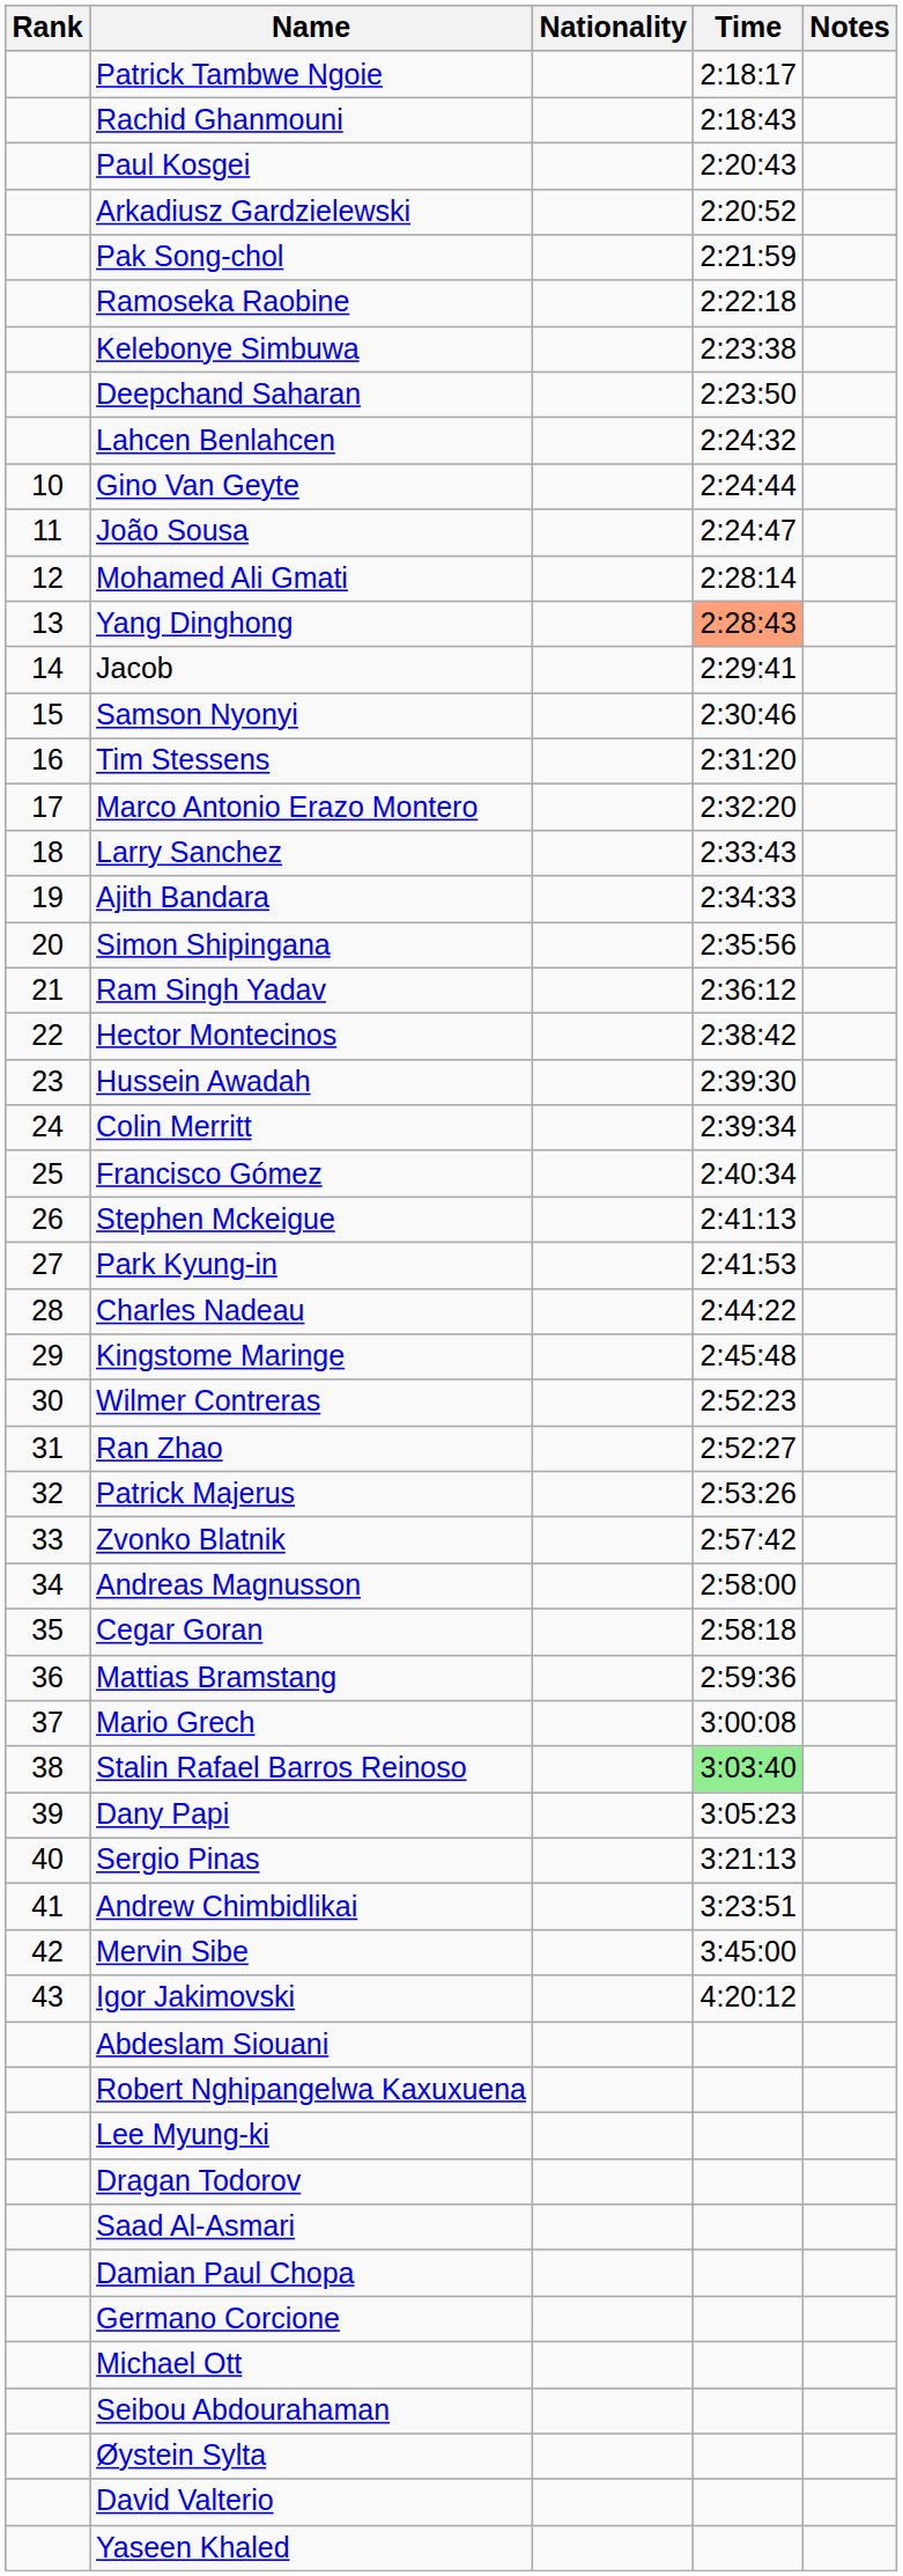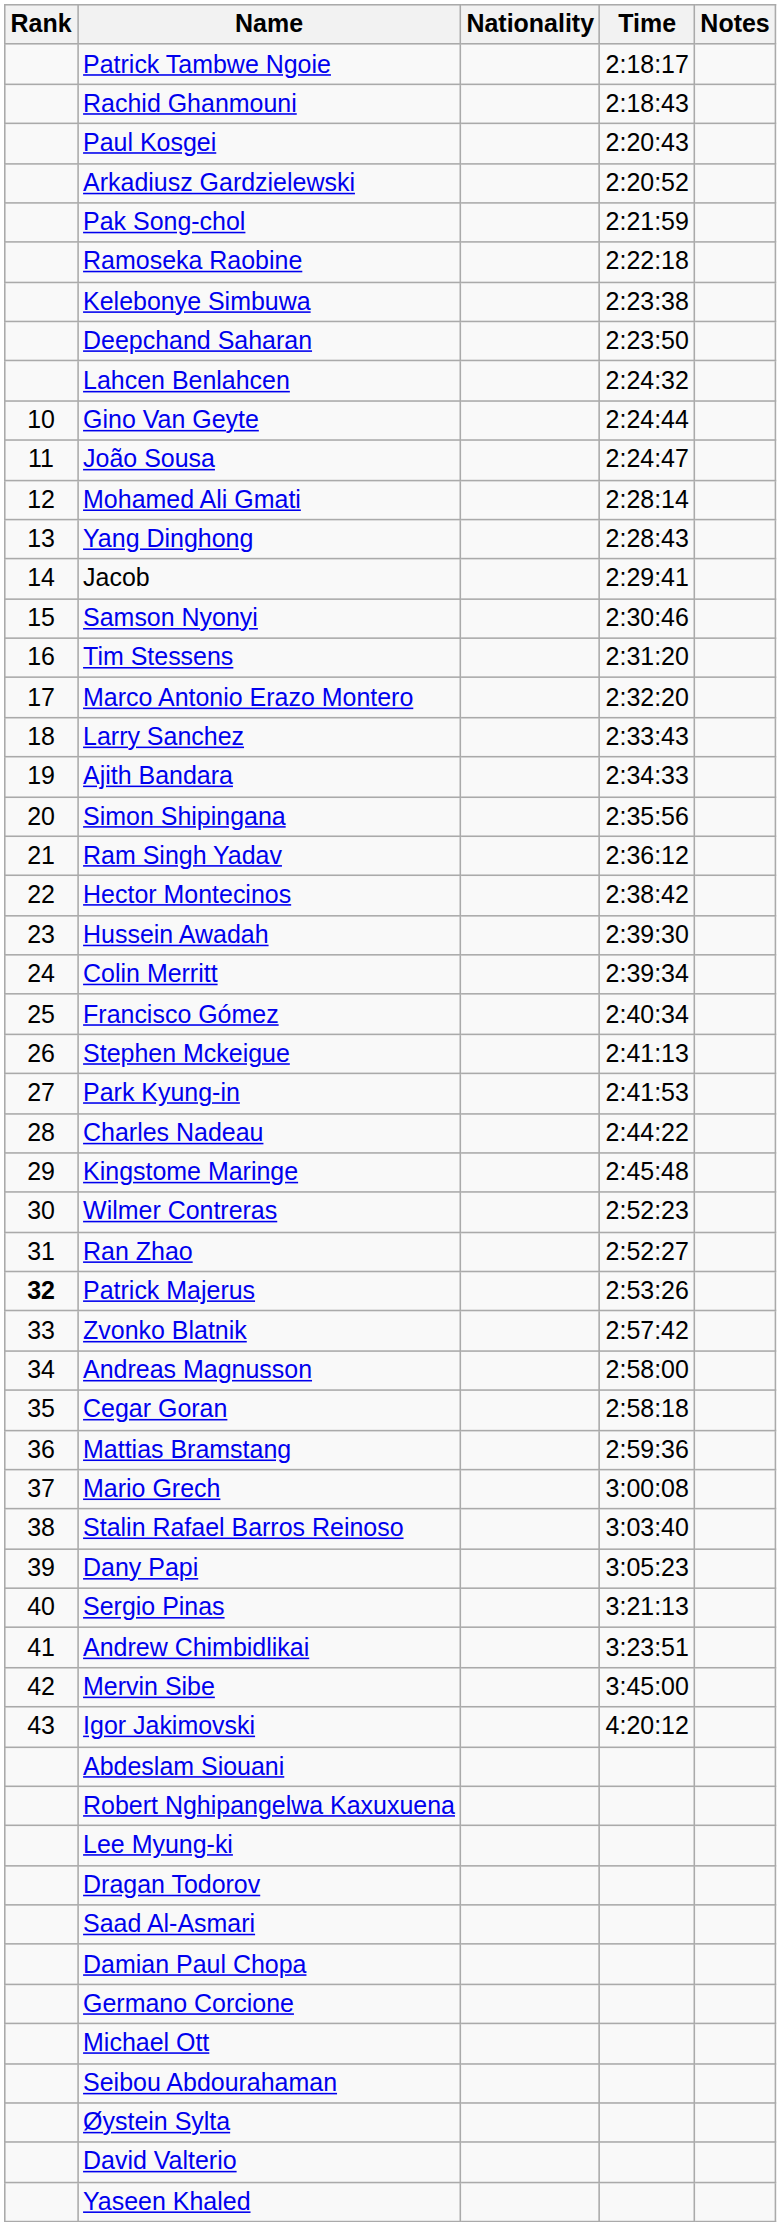 <table class="wikitable sortable" style="text-align:center">
 <tr>
 <th>Rank</th>
 <th>Name</th>
 <th>Nationality</th>
 <th>Time</th>
 <th>Notes</th>
 </tr>
 <tr>
 <td></td>
 <td align=left><a href='#'>Patrick Tambwe Ngoie</a></td>
 <td align=left></td>
 <td>2:18:17</td>
 <td></td>
 </tr>
 <tr>
 <td></td>
 <td align=left><a href='#'>Rachid Ghanmouni</a></td>
 <td align=left></td>
 <td>2:18:43</td>
 <td></td>
 </tr>
 <tr>
 <td></td>
 <td align=left><a href='#'>Paul Kosgei</a></td>
 <td align=left></td>
 <td>2:20:43</td>
 <td></td>
 </tr>
 <tr>
 <td></td>
 <td align=left><a href='#'>Arkadiusz Gardzielewski</a></td>
 <td align=left></td>
 <td>2:20:52</td>
 <td></td>
 </tr>
 <tr>
 <td></td>
 <td align=left><a href='#'>Pak Song-chol</a></td>
 <td align=left></td>
 <td>2:21:59</td>
 <td></td>
 </tr>
 <tr>
 <td></td>
 <td align=left><a href='#'>Ramoseka Raobine</a></td>
 <td align=left></td>
 <td>2:22:18</td>
 <td></td>
 </tr>
 <tr>
 <td></td>
 <td align=left><a href='#'>Kelebonye Simbuwa</a></td>
 <td align=left></td>
 <td>2:23:38</td>
 <td></td>
 </tr>
 <tr>
 <td></td>
 <td align=left><a href='#'>Deepchand Saharan</a></td>
 <td align=left></td>
 <td>2:23:50</td>
 <td></td>
 </tr>
 <tr>
 <td></td>
 <td align=left><a href='#'>Lahcen Benlahcen</a></td>
 <td align=left></td>
 <td>2:24:32</td>
 <td></td>
 </tr>
 <tr>
 <td>10</td>
 <td align=left><a href='#'>Gino Van Geyte</a></td>
 <td align=left></td>
 <td>2:24:44</td>
 <td></td>
 </tr>
 <tr>
 <td>11</td>
 <td align=left><a href='#'>João Sousa</a></td>
 <td align=left></td>
 <td>2:24:47</td>
 <td></td>
 </tr>
 <tr>
 <td>12</td>
 <td align=left><a href='#'>Mohamed Ali Gmati</a></td>
 <td align=left></td>
 <td>2:28:14</td>
 <td></td>
 </tr>
 <tr>
 <td>13</td>
 <td align=left><a href='#'>Yang Dinghong</a></td>
 <td align=left></td>
-<td style="background: lightsalmon;">2:28:43</td>
+<td>2:28:43</td>
 <td></td>
 </tr>
 <tr>
 <td>14</td>
 <td align=left>Jacob</td>
 <td align=left></td>
 <td>2:29:41</td>
 <td></td>
 </tr>
 <tr>
 <td>15</td>
 <td align=left><a href='#'>Samson Nyonyi</a></td>
 <td align=left></td>
 <td>2:30:46</td>
 <td></td>
 </tr>
 <tr>
 <td>16</td>
 <td align=left><a href='#'>Tim Stessens</a></td>
 <td align=left></td>
 <td>2:31:20</td>
 <td></td>
 </tr>
 <tr>
 <td>17</td>
 <td align=left><a href='#'>Marco Antonio Erazo Montero</a></td>
 <td align=left></td>
 <td>2:32:20</td>
 <td></td>
 </tr>
 <tr>
 <td>18</td>
 <td align=left><a href='#'>Larry Sanchez</a></td>
 <td align=left></td>
 <td>2:33:43</td>
 <td></td>
 </tr>
 <tr>
 <td>19</td>
 <td align=left><a href='#'>Ajith Bandara</a></td>
 <td align=left></td>
 <td>2:34:33</td>
 <td></td>
 </tr>
 <tr>
 <td>20</td>
 <td align=left><a href='#'>Simon Shipingana</a></td>
 <td align=left></td>
 <td>2:35:56</td>
 <td></td>
 </tr>
 <tr>
 <td>21</td>
 <td align=left><a href='#'>Ram Singh Yadav</a></td>
 <td align=left></td>
 <td>2:36:12</td>
 <td></td>
 </tr>
 <tr>
 <td>22</td>
 <td align=left><a href='#'>Hector Montecinos</a></td>
 <td align=left></td>
 <td>2:38:42</td>
 <td></td>
 </tr>
 <tr>
 <td>23</td>
 <td align=left><a href='#'>Hussein Awadah</a></td>
 <td align=left></td>
 <td>2:39:30</td>
 <td></td>
 </tr>
 <tr>
 <td>24</td>
 <td align=left><a href='#'>Colin Merritt</a></td>
 <td align=left></td>
 <td>2:39:34</td>
 <td></td>
 </tr>
 <tr>
 <td>25</td>
 <td align=left><a href='#'>Francisco Gómez</a></td>
 <td align=left></td>
 <td>2:40:34</td>
 <td></td>
 </tr>
 <tr>
 <td>26</td>
 <td align=left><a href='#'>Stephen Mckeigue</a></td>
 <td align=left></td>
 <td>2:41:13</td>
 <td></td>
 </tr>
 <tr>
 <td>27</td>
 <td align=left><a href='#'>Park Kyung-in</a></td>
 <td align=left></td>
 <td>2:41:53</td>
 <td></td>
 </tr>
 <tr>
 <td>28</td>
 <td align=left><a href='#'>Charles Nadeau</a></td>
 <td align=left></td>
 <td>2:44:22</td>
 <td></td>
 </tr>
 <tr>
 <td>29</td>
 <td align=left><a href='#'>Kingstome Maringe</a></td>
 <td align=left></td>
 <td>2:45:48</td>
 <td></td>
 </tr>
 <tr>
 <td>30</td>
 <td align=left><a href='#'>Wilmer Contreras</a></td>
 <td align=left></td>
 <td>2:52:23</td>
 <td></td>
 </tr>
 <tr>
 <td>31</td>
 <td align=left><a href='#'>Ran Zhao</a></td>
 <td align=left></td>
 <td>2:52:27</td>
 <td></td>
 </tr>
 <tr>
-<td>32</td>
+<td><strong>32</strong></td>
 <td align=left><a href='#'>Patrick Majerus</a></td>
 <td align=left></td>
 <td>2:53:26</td>
 <td></td>
 </tr>
 <tr>
 <td>33</td>
 <td align=left><a href='#'>Zvonko Blatnik</a></td>
 <td align=left></td>
 <td>2:57:42</td>
 <td></td>
 </tr>
 <tr>
 <td>34</td>
 <td align=left><a href='#'>Andreas Magnusson</a></td>
 <td align=left></td>
 <td>2:58:00</td>
 <td></td>
 </tr>
 <tr>
 <td>35</td>
 <td align=left><a href='#'>Cegar Goran</a></td>
 <td align=left></td>
 <td>2:58:18</td>
 <td></td>
 </tr>
 <tr>
 <td>36</td>
 <td align=left><a href='#'>Mattias Bramstang</a></td>
 <td align=left></td>
 <td>2:59:36</td>
 <td></td>
 </tr>
 <tr>
 <td>37</td>
 <td align=left><a href='#'>Mario Grech</a></td>
 <td align=left></td>
 <td>3:00:08</td>
 <td></td>
 </tr>
 <tr>
 <td>38</td>
 <td align=left><a href='#'>Stalin Rafael Barros Reinoso</a></td>
 <td align=left></td>
-<td style="background: lightgreen;">3:03:40</td>
+<td>3:03:40</td>
 <td></td>
 </tr>
 <tr>
 <td>39</td>
 <td align=left><a href='#'>Dany Papi</a></td>
 <td align=left></td>
 <td>3:05:23</td>
 <td></td>
 </tr>
 <tr>
 <td>40</td>
 <td align=left><a href='#'>Sergio Pinas</a></td>
 <td align=left></td>
 <td>3:21:13</td>
 <td></td>
 </tr>
 <tr>
 <td>41</td>
 <td align=left><a href='#'>Andrew Chimbidlikai</a></td>
 <td align=left></td>
 <td>3:23:51</td>
 <td></td>
 </tr>
 <tr>
 <td>42</td>
 <td align=left><a href='#'>Mervin Sibe</a></td>
 <td align=left></td>
 <td>3:45:00</td>
 <td></td>
 </tr>
 <tr>
 <td>43</td>
 <td align=left><a href='#'>Igor Jakimovski</a></td>
 <td align=left></td>
 <td>4:20:12</td>
 <td></td>
 </tr>
 <tr>
 <td></td>
 <td align=left><a href='#'>Abdeslam Siouani</a></td>
 <td align=left></td>
 <td></td>
 <td></td>
 </tr>
 <tr>
 <td></td>
 <td align=left><a href='#'>Robert Nghipangelwa Kaxuxuena</a></td>
 <td align=left></td>
 <td></td>
 <td></td>
 </tr>
 <tr>
 <td></td>
 <td align=left><a href='#'>Lee Myung-ki</a></td>
 <td align=left></td>
 <td></td>
 <td></td>
 </tr>
 <tr>
 <td></td>
 <td align=left><a href='#'>Dragan Todorov</a></td>
 <td align=left></td>
 <td></td>
 <td></td>
 </tr>
 <tr>
 <td></td>
 <td align=left><a href='#'>Saad Al-Asmari</a></td>
 <td align=left></td>
 <td></td>
 <td></td>
 </tr>
 <tr>
 <td></td>
 <td align=left><a href='#'>Damian Paul Chopa</a></td>
 <td align=left></td>
 <td></td>
 <td></td>
 </tr>
 <tr>
 <td></td>
 <td align=left><a href='#'>Germano Corcione</a></td>
 <td align=left></td>
 <td></td>
 <td></td>
 </tr>
 <tr>
 <td></td>
 <td align=left><a href='#'>Michael Ott</a></td>
 <td align=left></td>
 <td></td>
 <td></td>
 </tr>
 <tr>
 <td></td>
 <td align=left><a href='#'>Seibou Abdourahaman</a></td>
 <td align=left></td>
 <td></td>
 <td></td>
 </tr>
 <tr>
 <td></td>
 <td align=left><a href='#'>Øystein Sylta</a></td>
 <td align=left></td>
 <td></td>
 <td></td>
 </tr>
 <tr>
 <td></td>
 <td align=left><a href='#'>David Valterio</a></td>
 <td align=left></td>
 <td></td>
 <td></td>
 </tr>
 <tr>
 <td></td>
 <td align=left><a href='#'>Yaseen Khaled</a></td>
 <td align=left></td>
 <td></td>
 <td></td>
 </tr>
 </table>
